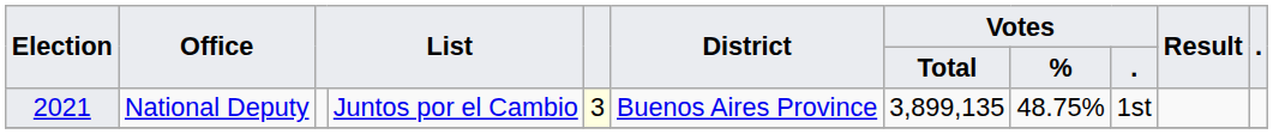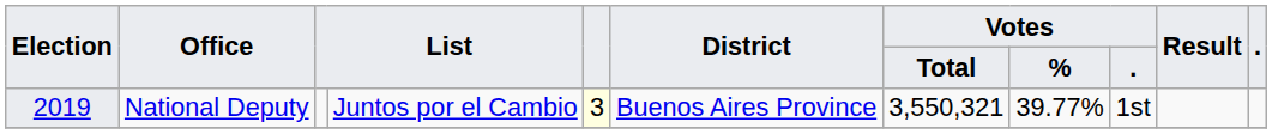 <table class="wikitable" style="font-size:90%; text-align:center;">
 <tr>
 <th style="background-color:#EAECF0;" rowspan=2>Election</th>
 <th style="background-color:#EAECF0;" rowspan=2>Office</th>
 <th style="background-color:#EAECF0;" colspan=2 rowspan=2>List</th>
 <th style="background-color:#EAECF0;" rowspan=2></th>
 <th style="background-color:#EAECF0;" rowspan=2>District</th>
 <th style="background-color:#EAECF0;" colspan=3>Votes</th>
 <th style="background-color:#EAECF0;" rowspan=2>Result</th>
 <th style="background-color:#EAECF0;" rowspan=2>.</th>
 </tr>
 <tr>
 <th style="background-color:#EAECF0;">Total</th>
 <th style="background-color:#EAECF0;">%</th>
 <th style="background-color:#EAECF0;">.</th>
 </tr>
 <tr>
-<td style="background-color:#EAECF0;"><a href='#'>2021</a></td>
+<td style="background-color:#EAECF0;"><a href='#'>2019</a></td>
 <td><a href='#'>National Deputy</a></td>
 <td style="background-color:"></td>
 <td><a href='#'>Juntos por el Cambio</a></td>
 <td style="background: lightyellow;">3</td>
 <td><a href='#'>Buenos Aires Province</a></td>
-<td>3,899,135</td>
-<td>48.75%</td>
+<td>3,550,321</td>
+<td>39.77%</td>
 <td>1st</td>
 <td></td>
 <td></td>
 </tr>
 <tr>
 </tr>
 </table>
